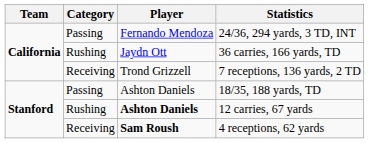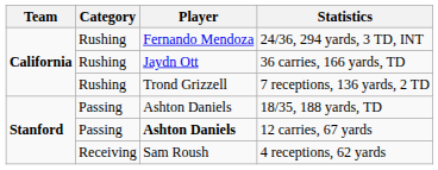 <table class="wikitable" style="float: right;">
 <tr>
 <th>Team</th>
 <th>Category</th>
 <th>Player</th>
 <th>Statistics</th>
 </tr>
 <tr>
 <td rowspan=3><strong>California</strong></td>
-<td>Passing</td>
+<td>Rushing</td>
 <td><a href='#'>Fernando Mendoza</a></td>
 <td>24/36, 294 yards, 3 TD, INT</td>
 </tr>
 <tr>
 <td>Rushing</td>
 <td><a href='#'>Jaydn Ott</a></td>
 <td>36 carries, 166 yards, TD</td>
 </tr>
 <tr>
-<td>Receiving</td>
+<td>Rushing</td>
 <td>Trond Grizzell</td>
 <td>7 receptions, 136 yards, 2 TD</td>
 </tr>
 <tr>
 <td rowspan=3><strong>Stanford</strong></td>
 <td>Passing</td>
 <td>Ashton Daniels</td>
 <td>18/35, 188 yards, TD</td>
 </tr>
 <tr>
-<td>Rushing</td>
+<td>Passing</td>
 <td><strong>Ashton Daniels</strong></td>
 <td>12 carries, 67 yards</td>
 </tr>
 <tr>
 <td>Receiving</td>
-<td><strong>Sam Roush</strong></td>
+<td>Sam Roush</td>
 <td>4 receptions, 62 yards</td>
 </tr>
 </table>
